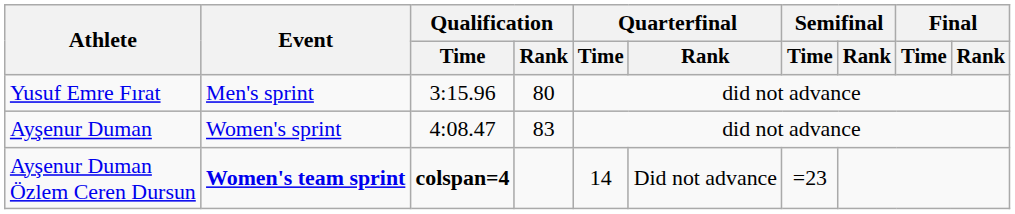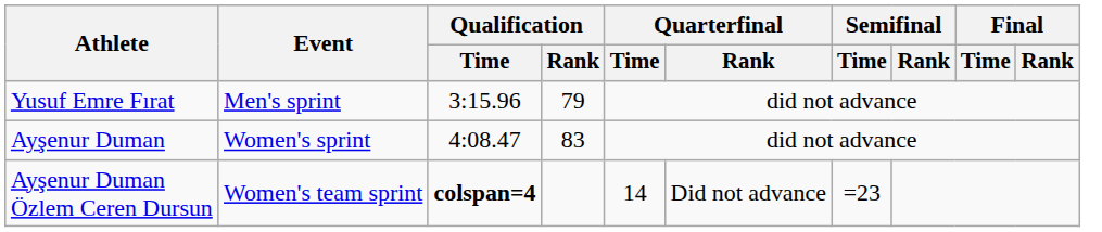 <table class=wikitable style=font-size:90%;text-align:center>
 <tr>
 <th rowspan=2>Athlete</th>
 <th rowspan=2>Event</th>
 <th colspan=2>Qualification</th>
 <th colspan=2>Quarterfinal</th>
 <th colspan=2>Semifinal</th>
 <th colspan=2>Final</th>
 </tr>
 <tr style=font-size:95%>
 <th>Time</th>
 <th>Rank</th>
 <th>Time</th>
 <th>Rank</th>
 <th>Time</th>
 <th>Rank</th>
 <th>Time</th>
 <th>Rank</th>
 </tr>
 <tr align=center>
 <td align=left><a href='#'>Yusuf Emre Fırat</a></td>
 <td align=left><a href='#'>Men's sprint</a></td>
 <td>3:15.96</td>
-<td>80</td>
+<td>79</td>
 <td colspan=6>did not advance</td>
 </tr>
 <tr align=center>
 <td align=left><a href='#'>Ayşenur Duman</a></td>
 <td align=left><a href='#'>Women's sprint</a></td>
 <td>4:08.47</td>
 <td>83</td>
 <td colspan=6>did not advance</td>
 </tr>
 <tr align=center>
 <td align=left><a href='#'>Ayşenur Duman</a><br><a href='#'>Özlem Ceren Dursun</a></td>
-<td align=left><strong><a href='#'>Women's team sprint</a></strong></td>
+<td align=left><a href='#'>Women's team sprint</a></td>
 <td><strong>colspan=4 </strong></td>
 <td></td>
 <td>14</td>
 <td>Did not advance</td>
 <td>=23</td>
 </tr>
 </table>
